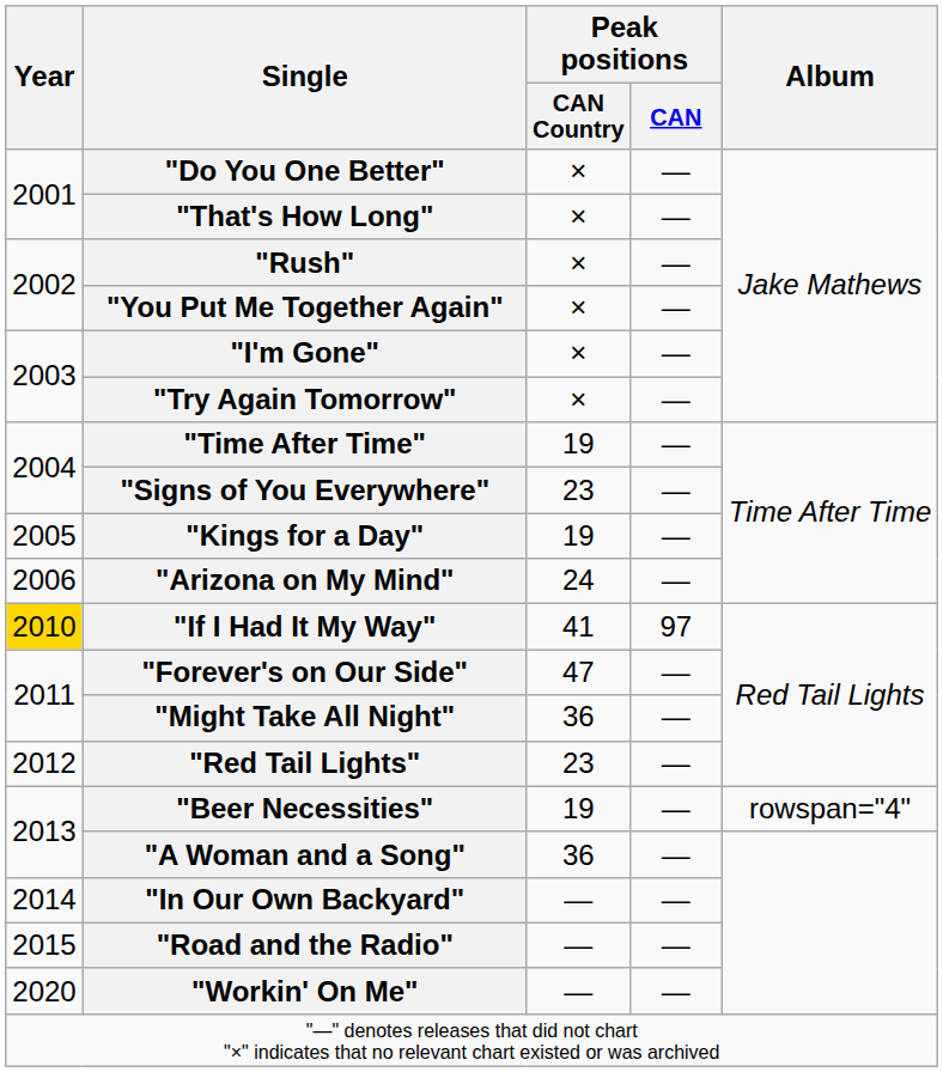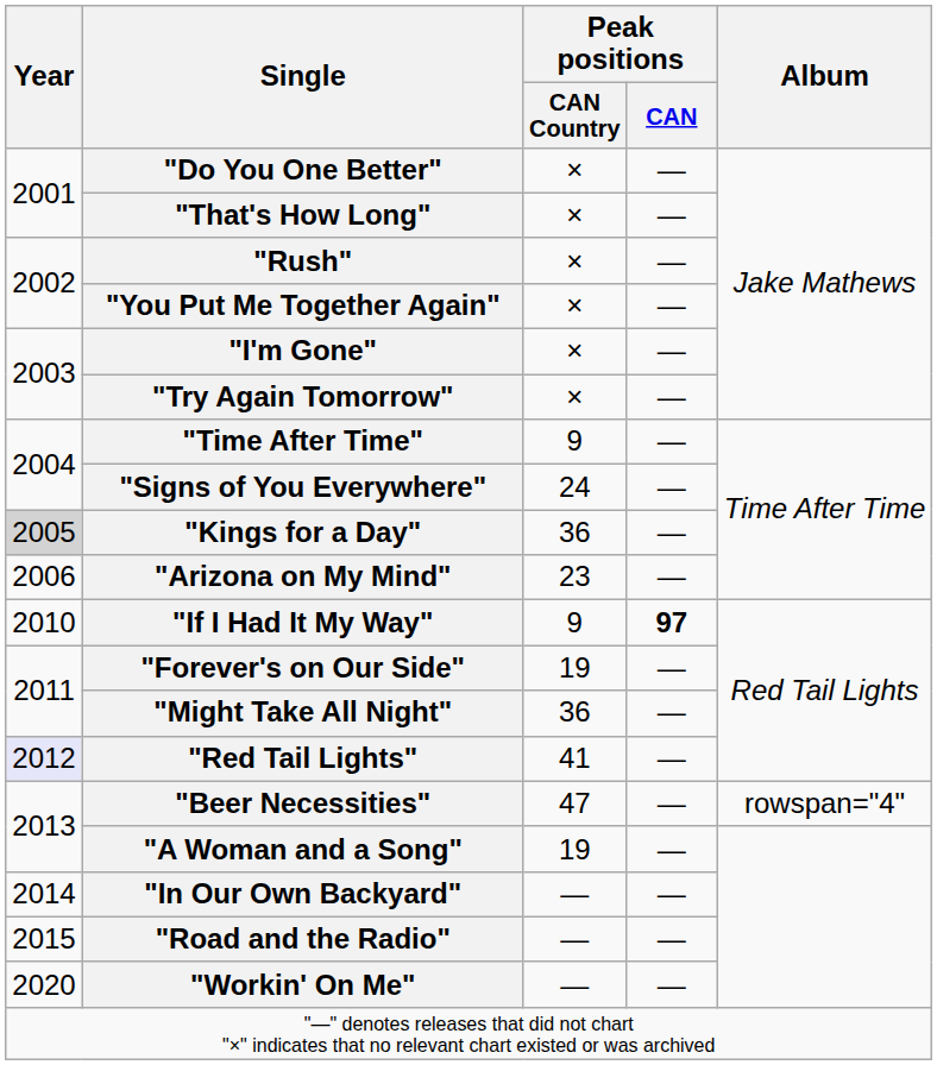 <table class="wikitable plainrowheaders" style="text-align:center;">
 <tr>
 <th rowspan="2">Year</th>
 <th rowspan="2" style="width:15em;">Single</th>
 <th colspan="2">Peak positions</th>
 <th rowspan="2">Album</th>
 </tr>
 <tr style="font-size:smaller;">
 <th width="45">CAN Country<br></th>
 <th width="45"><a href='#'>CAN</a><br></th>
 </tr>
 <tr>
 <td rowspan="2">2001</td>
 <th scope="row">"Do You One Better"</th>
 <td>×</td>
 <td>—</td>
 <td rowspan="6"><em>Jake Mathews</em></td>
 </tr>
 <tr>
 <th scope="row">"That's How Long"</th>
 <td>×</td>
 <td>—</td>
 </tr>
 <tr>
 <td rowspan="2">2002</td>
 <th scope="row">"Rush"</th>
 <td>×</td>
 <td>—</td>
 </tr>
 <tr>
 <th scope="row">"You Put Me Together Again"</th>
 <td>×</td>
 <td>—</td>
 </tr>
 <tr>
 <td rowspan="2">2003</td>
 <th scope="row">"I'm Gone"</th>
 <td>×</td>
 <td>—</td>
 </tr>
 <tr>
 <th scope="row">"Try Again Tomorrow"</th>
 <td>×</td>
 <td>—</td>
 </tr>
 <tr>
 <td rowspan="2">2004</td>
 <th scope="row">"Time After Time"</th>
-<td>19</td>
+<td>9</td>
 <td>—</td>
 <td rowspan="4"><em>Time After Time</em></td>
 </tr>
 <tr>
 <th scope="row">"Signs of You Everywhere"</th>
-<td>23</td>
+<td>24</td>
 <td>—</td>
 </tr>
 <tr>
-<td>2005</td>
+<td style="background: lightgrey;">2005</td>
 <th scope="row">"Kings for a Day"</th>
-<td>19</td>
+<td>36</td>
 <td>—</td>
 </tr>
 <tr>
 <td>2006</td>
 <th scope="row">"Arizona on My Mind"</th>
-<td>24</td>
+<td>23</td>
 <td>—</td>
 </tr>
 <tr>
-<td style="background: gold;">2010</td>
+<td>2010</td>
 <th scope="row">"If I Had It My Way"</th>
-<td>41</td>
-<td>97</td>
+<td>9</td>
+<td><strong>97</strong></td>
 <td rowspan="4"><em>Red Tail Lights</em></td>
 </tr>
 <tr>
 <td rowspan="2">2011</td>
 <th scope="row">"Forever's on Our Side"</th>
-<td>47</td>
+<td>19</td>
 <td>—</td>
 </tr>
 <tr>
 <th scope="row">"Might Take All Night"</th>
 <td>36</td>
 <td>—</td>
 </tr>
 <tr>
-<td>2012</td>
+<td style="background: lavender;">2012</td>
 <th scope="row">"Red Tail Lights"</th>
-<td>23</td>
+<td>41</td>
 <td>—</td>
 </tr>
 <tr>
 <td rowspan="2">2013</td>
 <th scope="row">"Beer Necessities"</th>
-<td>19</td>
+<td>47</td>
 <td>—</td>
 <td>rowspan="4" </td>
 </tr>
 <tr>
 <th scope="row">"A Woman and a Song"</th>
-<td>36</td>
+<td>19</td>
 <td>—</td>
 </tr>
 <tr>
 <td>2014</td>
 <th scope="row">"In Our Own Backyard"</th>
 <td>—</td>
 <td>—</td>
 </tr>
 <tr>
 <td>2015</td>
 <th scope="row">"Road and the Radio"</th>
 <td>—</td>
 <td>—</td>
 </tr>
 <tr>
 <td>2020</td>
 <th scope="row">"Workin' On Me"</th>
 <td>—</td>
 <td>—</td>
 </tr>
 <tr>
 <td colspan="5" style="font-size:8pt">"—" denotes releases that did not chart<br>"×" indicates that no relevant chart existed or was archived</td>
 </tr>
 </table>
